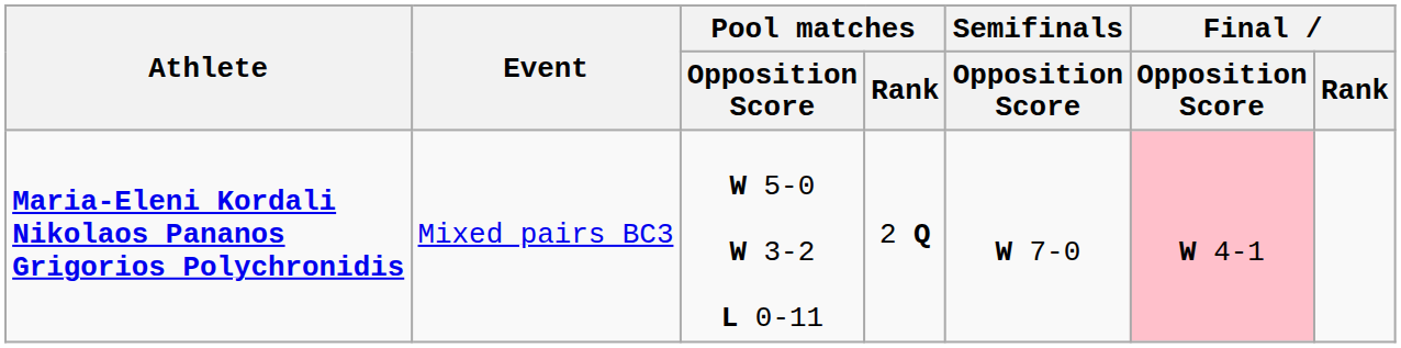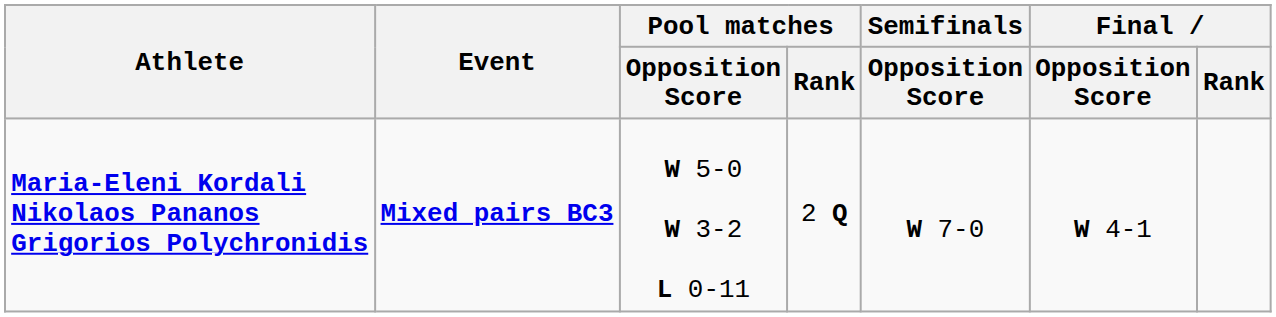 <table class=wikitable>
 <tr>
 <th rowspan="2">Athlete</th>
 <th rowspan="2">Event</th>
 <th colspan="2">Pool matches</th>
 <th>Semifinals</th>
 <th colspan=2>Final / </th>
 </tr>
 <tr>
 <th>Opposition<br>Score</th>
 <th>Rank</th>
 <th>Opposition<br>Score</th>
 <th>Opposition<br>Score</th>
 <th>Rank</th>
 </tr>
 <tr>
 <td><strong><a href='#'>Maria-Eleni Kordali</a><br><a href='#'>Nikolaos Pananos</a><br><a href='#'>Grigorios Polychronidis</a></strong></td>
-<td><a href='#'>Mixed pairs BC3</a></td>
+<td><strong><a href='#'>Mixed pairs BC3</a></strong></td>
 <td align=center><br><strong>W</strong> 5-0<br><br><strong>W</strong> 3-2<br><br><strong>L</strong> 0-11</td>
 <td align=center>2 <strong>Q</strong></td>
 <td align=center><br><strong>W</strong> 7-0</td>
-<td align=center style="background: pink;"><br><strong>W</strong> 4-1</td>
+<td align=center><br><strong>W</strong> 4-1</td>
 <td align=center></td>
 </tr>
 </table>
